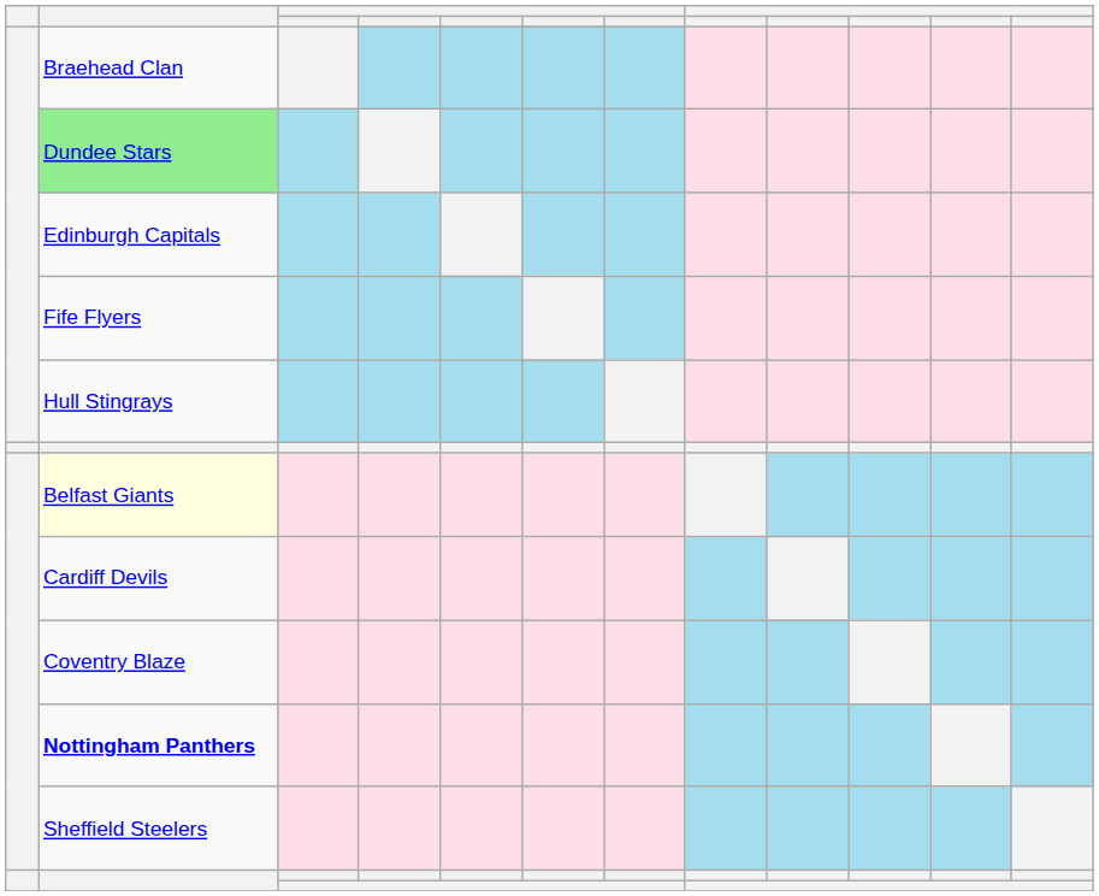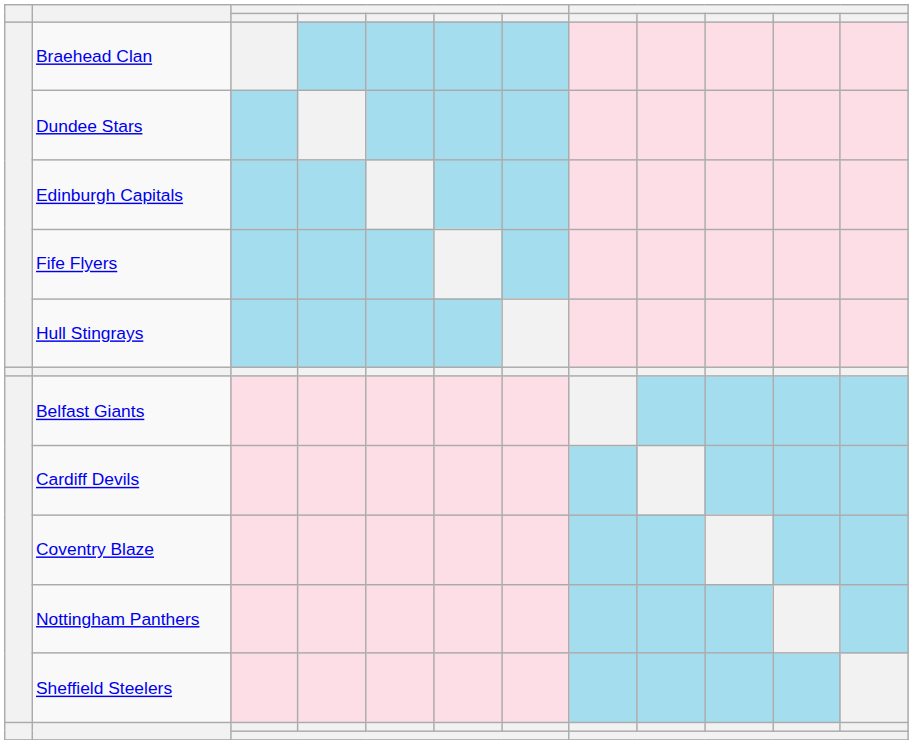 <table class="wikitable" style="font-size:9pt;width:100%">
 <tr>
 <th width="3%" rowspan="2"></th>
 <th width="22%" rowspan="2"></th>
 <th colspan="5"></th>
 <th colspan="5"></th>
 </tr>
 <tr>
 <th width="7.5%"></th>
 <th width="7.5%"></th>
 <th width="7.5%"></th>
 <th width="7.5%"></th>
 <th width="7.5%"></th>
 <th width="7.5%"></th>
 <th width="7.5%"></th>
 <th width="7.5%"></th>
 <th width="7.5%"></th>
 <th width="7.5%"></th>
 </tr>
 <tr>
 <td rowspan="5" align=center bgcolor="#f2f2f2"></td>
 <td align=left><a href='#'>Braehead Clan</a><br></td>
 <td align=center bgcolor="#f2f2f2"></td>
 <td align=center bgcolor="#a4dded"><br><br><br></td>
 <td align=center bgcolor="#a4dded"><br><br><br></td>
 <td align=center bgcolor="#a4dded"><br><br><br></td>
 <td align=center bgcolor="#a4dded"><br><br><br></td>
 <td align=center bgcolor="#fddde6"><br></td>
 <td align=center bgcolor="#fddde6"><br></td>
 <td align=center bgcolor="#fddde6"><br></td>
 <td align=center bgcolor="#fddde6"><br></td>
 <td align=center bgcolor="#fddde6"><br></td>
 </tr>
 <tr align=center>
-<td align=left style="background: lightgreen;"><a href='#'>Dundee Stars</a><br></td>
+<td align=left><a href='#'>Dundee Stars</a><br></td>
 <td bgcolor="#a4dded"><br><br><br></td>
 <td bgcolor="#f2f2f2"></td>
 <td bgcolor="#a4dded"><br><br><br></td>
 <td bgcolor="#a4dded"><br><br><br></td>
 <td bgcolor="#a4dded"><br><br><br></td>
 <td bgcolor="#fddde6"><br></td>
 <td bgcolor="#fddde6"><br></td>
 <td bgcolor="#fddde6"><br></td>
 <td bgcolor="#fddde6"><br></td>
 <td bgcolor="#fddde6"><br></td>
 </tr>
 <tr align=center>
 <td align=left><a href='#'>Edinburgh Capitals</a><br></td>
 <td bgcolor="#a4dded"><br><br><br></td>
 <td bgcolor="#a4dded"><br><br><br></td>
 <td bgcolor="#f2f2f2"></td>
 <td bgcolor="#a4dded"><br><br><br></td>
 <td bgcolor="#a4dded"><br><br><br></td>
 <td bgcolor="#fddde6"><br></td>
 <td bgcolor="#fddde6"><br></td>
 <td bgcolor="#fddde6"><br></td>
 <td bgcolor="#fddde6"><br></td>
 <td bgcolor="#fddde6"><br></td>
 </tr>
 <tr align=center>
 <td align=left><a href='#'>Fife Flyers</a><br></td>
 <td bgcolor="#a4dded"><br><br><br></td>
 <td bgcolor="#a4dded"><br><br><br></td>
 <td bgcolor="#a4dded"><br><br><br></td>
 <td bgcolor="#f2f2f2"></td>
 <td bgcolor="#a4dded"><br><br><br></td>
 <td bgcolor="#fddde6"><br></td>
 <td bgcolor="#fddde6"><br></td>
 <td bgcolor="#fddde6"><br></td>
 <td bgcolor="#fddde6"><br></td>
 <td bgcolor="#fddde6"><br></td>
 </tr>
 <tr align=center>
 <td align=left><a href='#'>Hull Stingrays</a><br></td>
 <td bgcolor="#a4dded"><br><br><br></td>
 <td bgcolor="#a4dded"><br><br><br></td>
 <td bgcolor="#a4dded"><br><br><br></td>
 <td bgcolor="#a4dded"><br><br><br></td>
 <td bgcolor="#f2f2f2"></td>
 <td bgcolor="#fddde6"><br></td>
 <td bgcolor="#fddde6"><br></td>
 <td bgcolor="#fddde6"><br></td>
 <td bgcolor="#fddde6"><br></td>
 <td bgcolor="#fddde6"><br></td>
 </tr>
 <tr align=center>
 <td bgcolor="#f2f2f2"></td>
 <td bgcolor="#f2f2f2"></td>
 <td bgcolor="#f2f2f2"></td>
 <td bgcolor="#f2f2f2"></td>
 <td bgcolor="#f2f2f2"></td>
 <td bgcolor="#f2f2f2"></td>
 <td bgcolor="#f2f2f2"></td>
 <td bgcolor="#f2f2f2"></td>
 <td bgcolor="#f2f2f2"></td>
 <td bgcolor="#f2f2f2"></td>
 <td bgcolor="#f2f2f2"></td>
 <td bgcolor="#f2f2f2"></td>
 </tr>
 <tr>
 <td rowspan="5" align=center bgcolor="#f2f2f2"></td>
-<td align=left style="background: lightyellow;"><a href='#'>Belfast Giants</a><br></td>
+<td align=left><a href='#'>Belfast Giants</a><br></td>
 <td align=center bgcolor="#fddde6"><br></td>
 <td align=center bgcolor="#fddde6"><br></td>
 <td align=center bgcolor="#fddde6"><br></td>
 <td align=center bgcolor="#fddde6"><br></td>
 <td align=center bgcolor="#fddde6"><br></td>
 <td align=center bgcolor="#f2f2f2"></td>
 <td align=center bgcolor="#a4dded"><br><br><br></td>
 <td align=center bgcolor="#a4dded"><br><br><br></td>
 <td align=center bgcolor="#a4dded"><br><br><br></td>
 <td align=center bgcolor="#a4dded"><br><br><br></td>
 </tr>
 <tr align=center>
 <td align=left><a href='#'>Cardiff Devils</a><br></td>
 <td bgcolor="#fddde6"><br></td>
 <td bgcolor="#fddde6"><br></td>
 <td bgcolor="#fddde6"><br></td>
 <td bgcolor="#fddde6"><br></td>
 <td bgcolor="#fddde6"><br></td>
 <td bgcolor="#a4dded"><br><br><br></td>
 <td bgcolor="#f2f2f2"></td>
 <td bgcolor="#a4dded"><br><br><br></td>
 <td bgcolor="#a4dded"><br><br><br></td>
 <td bgcolor="#a4dded"><br><br><br></td>
 </tr>
 <tr align=center>
 <td align=left><a href='#'>Coventry Blaze</a><br></td>
 <td bgcolor="#fddde6"><br></td>
 <td bgcolor="#fddde6"><br></td>
 <td bgcolor="#fddde6"><br></td>
 <td bgcolor="#fddde6"><br></td>
 <td bgcolor="#fddde6"><br></td>
 <td bgcolor="#a4dded"><br><br><br></td>
 <td bgcolor="#a4dded"><br><br><br></td>
 <td bgcolor="#f2f2f2"></td>
 <td bgcolor="#a4dded"><br><br><br></td>
 <td bgcolor="#a4dded"><br><br><br></td>
 </tr>
 <tr align=center>
-<td align=left><strong><a href='#'>Nottingham Panthers</a><br></strong></td>
+<td align=left><a href='#'>Nottingham Panthers</a><br></td>
 <td bgcolor="#fddde6"><br></td>
 <td bgcolor="#fddde6"><br></td>
 <td bgcolor="#fddde6"><br></td>
 <td bgcolor="#fddde6"><br></td>
 <td bgcolor="#fddde6"><br></td>
 <td bgcolor="#a4dded"><br><br><br></td>
 <td bgcolor="#a4dded"><br><br><br></td>
 <td bgcolor="#a4dded"><br><br><br></td>
 <td bgcolor="#f2f2f2"></td>
 <td bgcolor="#a4dded"><br><br><br></td>
 </tr>
 <tr align=center>
 <td align=left><a href='#'>Sheffield Steelers</a><br></td>
 <td bgcolor="#fddde6"><br></td>
 <td bgcolor="#fddde6"><br></td>
 <td bgcolor="#fddde6"><br></td>
 <td bgcolor="#fddde6"><br></td>
 <td bgcolor="#fddde6"><br></td>
 <td bgcolor="#a4dded"><br><br><br></td>
 <td bgcolor="#a4dded"><br><br><br></td>
 <td bgcolor="#a4dded"><br><br><br></td>
 <td bgcolor="#a4dded"><br><br><br></td>
 <td bgcolor="#f2f2f2"></td>
 </tr>
 <tr align=center>
 <td width="3%" rowspan="2" bgcolor="#f2f2f2"></td>
 <td width="3%" rowspan="2" bgcolor="#f2f2f2"></td>
 <td bgcolor="#f2f2f2"></td>
 <td bgcolor="#f2f2f2"></td>
 <td bgcolor="#f2f2f2"></td>
 <td bgcolor="#f2f2f2"></td>
 <td bgcolor="#f2f2f2"></td>
 <td bgcolor="#f2f2f2"></td>
 <td bgcolor="#f2f2f2"></td>
 <td bgcolor="#f2f2f2"></td>
 <td bgcolor="#f2f2f2"></td>
 <td bgcolor="#f2f2f2"></td>
 </tr>
 <tr align=center>
 <td colspan="5" bgcolor="#f2f2f2"></td>
 <td colspan="5" bgcolor="#f2f2f2"></td>
 </tr>
 </table>
